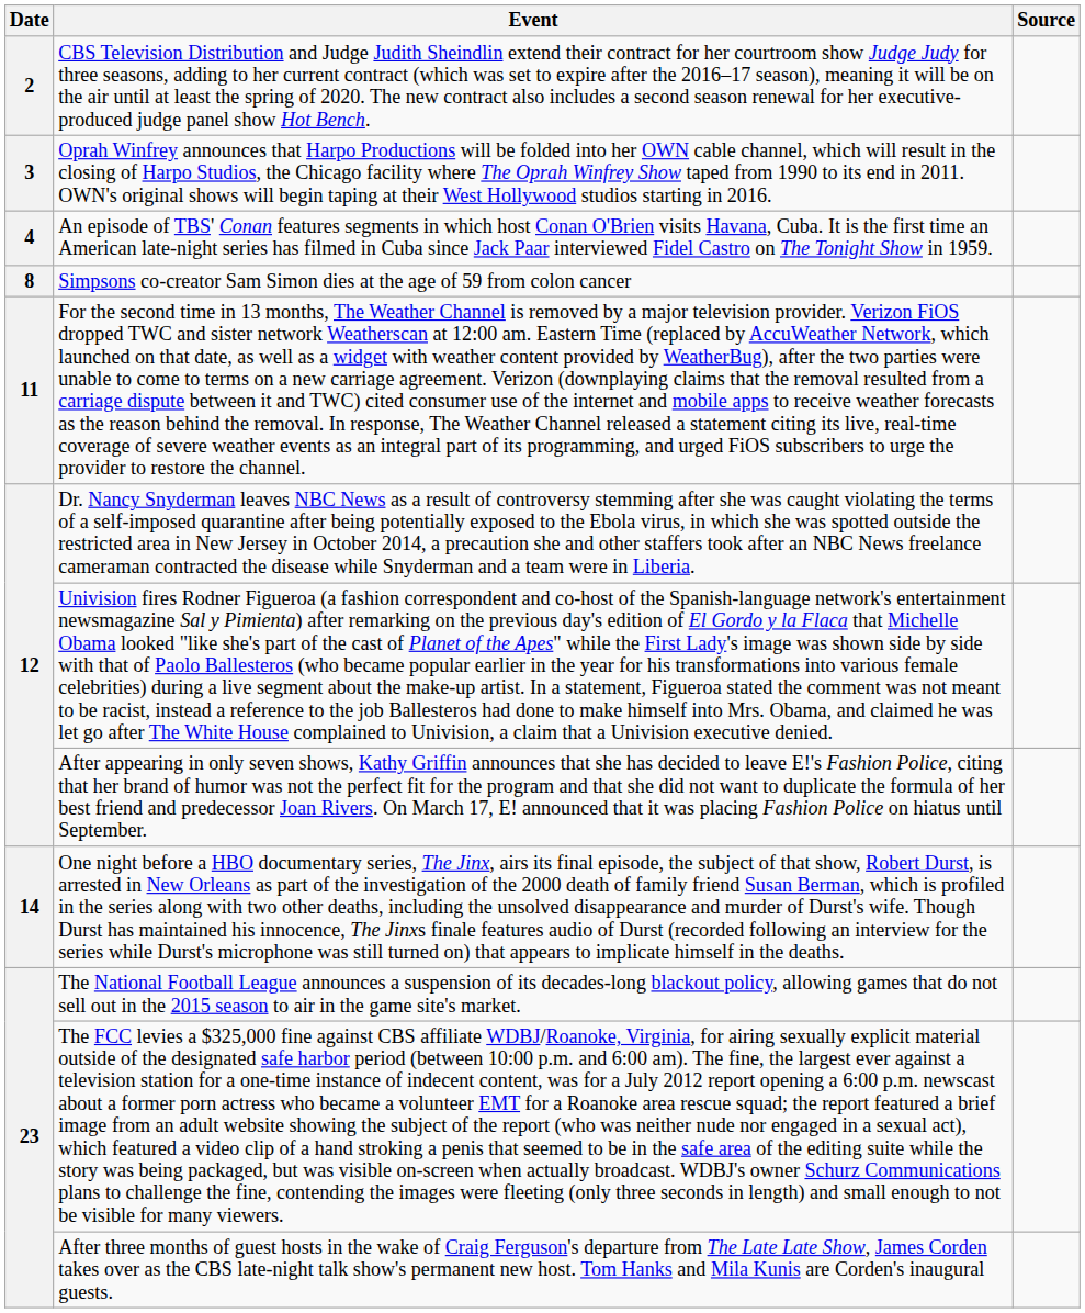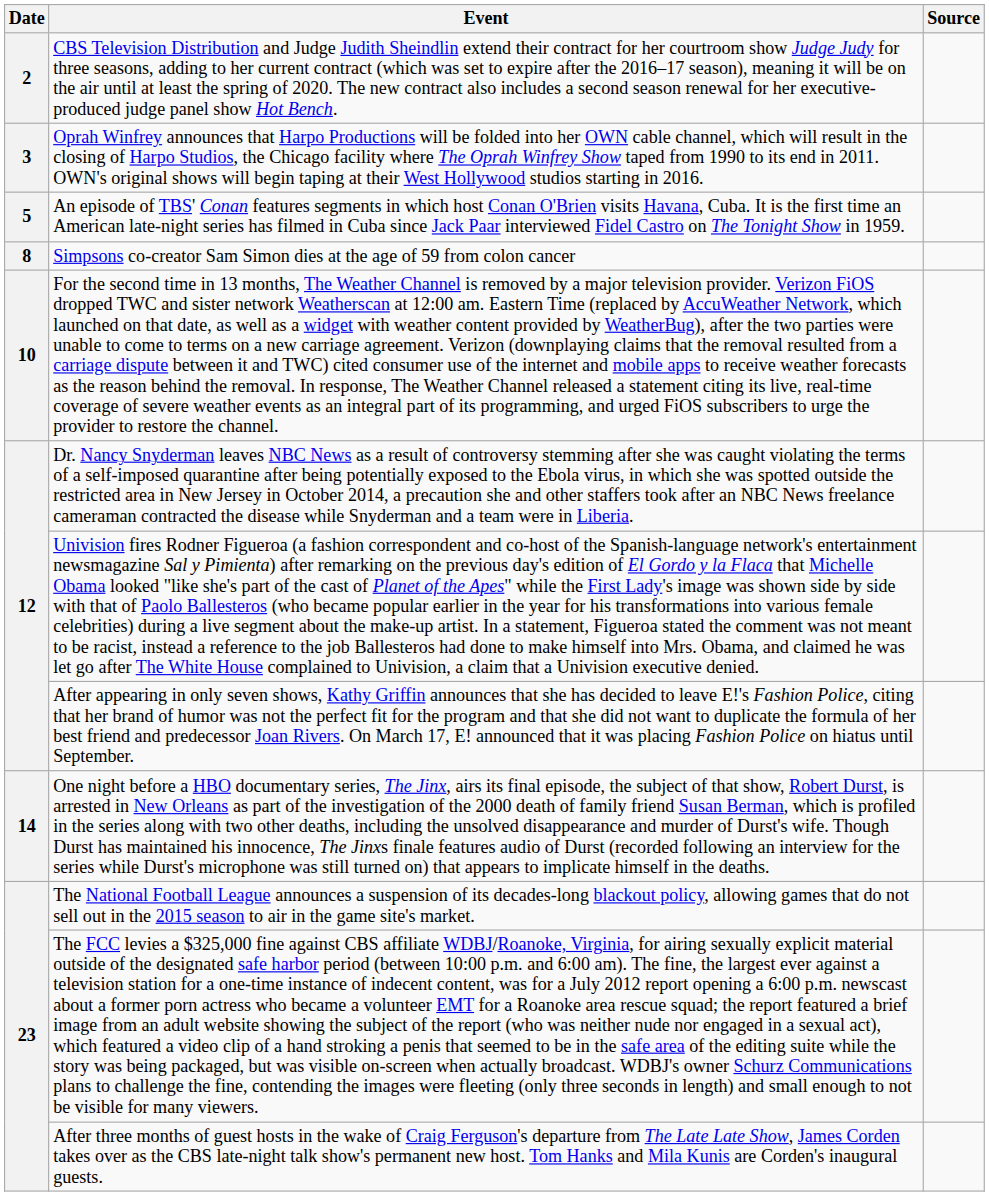 <table class="wikitable">
 <tr>
 <th>Date</th>
 <th>Event</th>
 <th>Source</th>
 </tr>
 <tr>
 <th>2</th>
 <td><a href='#'>CBS Television Distribution</a> and Judge <a href='#'>Judith Sheindlin</a> extend their contract for her courtroom show <em><a href='#'>Judge Judy</a></em> for three seasons, adding to her current contract (which was set to expire after the 2016–17 season), meaning it will be on the air until at least the spring of 2020. The new contract also includes a second season renewal for her executive-produced judge panel show <em><a href='#'>Hot Bench</a></em>.</td>
 <td></td>
 </tr>
 <tr>
 <th>3</th>
 <td><a href='#'>Oprah Winfrey</a> announces that <a href='#'>Harpo Productions</a> will be folded into her <a href='#'>OWN</a> cable channel, which will result in the closing of <a href='#'>Harpo Studios</a>, the Chicago facility where <em><a href='#'>The Oprah Winfrey Show</a></em> taped from 1990 to its end in 2011. OWN's original shows will begin taping at their <a href='#'>West Hollywood</a> studios starting in 2016.</td>
 <td></td>
 </tr>
 <tr |>
-<th>4</th>
+<th>5</th>
 <td>An episode of <a href='#'>TBS</a>' <em><a href='#'>Conan</a></em> features segments in which host <a href='#'>Conan O'Brien</a> visits <a href='#'>Havana</a>, Cuba. It is the first time an American late-night series has filmed in Cuba since <a href='#'>Jack Paar</a> interviewed <a href='#'>Fidel Castro</a> on <em><a href='#'>The Tonight Show</a></em> in 1959.</td>
 <td></td>
 </tr>
 <tr>
 <th>8</th>
 <td><a href='#'>Simpsons</a> co-creator Sam Simon dies at the age of 59 from colon cancer</td>
 <td></td>
 </tr>
 <tr>
-<th>11</th>
+<th>10</th>
 <td>For the second time in 13 months, <a href='#'>The Weather Channel</a> is removed by a major television provider. <a href='#'>Verizon FiOS</a> dropped TWC and sister network <a href='#'>Weatherscan</a> at 12:00 am. Eastern Time (replaced by <a href='#'>AccuWeather Network</a>, which launched on that date, as well as a <a href='#'>widget</a> with weather content provided by <a href='#'>WeatherBug</a>), after the two parties were unable to come to terms on a new carriage agreement. Verizon (downplaying claims that the removal resulted from a <a href='#'>carriage dispute</a> between it and TWC) cited consumer use of the internet and <a href='#'>mobile apps</a> to receive weather forecasts as the reason behind the removal. In response, The Weather Channel released a statement citing its live, real-time coverage of severe weather events as an integral part of its programming, and urged FiOS subscribers to urge the provider to restore the channel.</td>
 <td><br></td>
 </tr>
 <tr>
 <th rowspan=3>12</th>
 <td>Dr. <a href='#'>Nancy Snyderman</a> leaves <a href='#'>NBC News</a> as a result of controversy stemming after she was caught violating the terms of a self-imposed quarantine after being potentially exposed to the Ebola virus, in which she was spotted outside the restricted area in New Jersey in October 2014, a precaution she and other staffers took after an NBC News freelance cameraman contracted the disease while Snyderman and a team were in <a href='#'>Liberia</a>.</td>
 <td></td>
 </tr>
 <tr>
 <td><a href='#'>Univision</a> fires Rodner Figueroa (a fashion correspondent and co-host of the Spanish-language network's entertainment newsmagazine <em>Sal y Pimienta</em>) after remarking on the previous day's edition of <em><a href='#'>El Gordo y la Flaca</a></em> that <a href='#'>Michelle Obama</a> looked "like she's part of the cast of <em><a href='#'>Planet of the Apes</a></em>" while the <a href='#'>First Lady</a>'s image was shown side by side with that of <a href='#'>Paolo Ballesteros</a> (who became popular earlier in the year for his transformations into various female celebrities) during a live segment about the make-up artist. In a statement, Figueroa stated the comment was not meant to be racist, instead a reference to the job Ballesteros had done to make himself into Mrs. Obama, and claimed he was let go after <a href='#'>The White House</a> complained to Univision, a claim that a Univision executive denied.</td>
 <td></td>
 </tr>
 <tr>
 <td>After appearing in only seven shows, <a href='#'>Kathy Griffin</a> announces that she has decided to leave E!'s <em>Fashion Police</em>, citing that her brand of humor was not the perfect fit for the program and that she did not want to duplicate the formula of her best friend and predecessor <a href='#'>Joan Rivers</a>. On March 17, E! announced that it was placing <em>Fashion Police</em> on hiatus until September.</td>
 <td></td>
 </tr>
 <tr>
 <th>14</th>
 <td>One night before a <a href='#'>HBO</a> documentary series, <em><a href='#'>The Jinx</a></em>, airs its final episode, the subject of that show, <a href='#'>Robert Durst</a>, is arrested in <a href='#'>New Orleans</a> as part of the investigation of the 2000 death of family friend <a href='#'>Susan Berman</a>, which is profiled in the series along with two other deaths, including the unsolved disappearance and murder of Durst's wife. Though Durst has maintained his innocence, <em>The Jinx</em>s finale features audio of Durst (recorded following an interview for the series while Durst's microphone was still turned on) that appears to implicate himself in the deaths.</td>
 <td></td>
 </tr>
 <tr>
 <th rowspan=3>23</th>
 <td>The <a href='#'>National Football League</a> announces a suspension of its decades-long <a href='#'>blackout policy</a>, allowing games that do not sell out in the <a href='#'>2015 season</a> to air in the game site's market.</td>
 <td></td>
 </tr>
 <tr>
 <td>The <a href='#'>FCC</a> levies a $325,000 fine against CBS affiliate <a href='#'>WDBJ</a>/<a href='#'>Roanoke, Virginia</a>, for airing sexually explicit material outside of the designated <a href='#'>safe harbor</a> period (between 10:00 p.m. and 6:00 am). The fine, the largest ever against a television station for a one-time instance of indecent content, was for a July 2012 report opening a 6:00 p.m. newscast about a former porn actress who became a volunteer <a href='#'>EMT</a> for a Roanoke area rescue squad; the report featured a brief image from an adult website showing the subject of the report (who was neither nude nor engaged in a sexual act), which featured a video clip of a hand stroking a penis that seemed to be in the <a href='#'>safe area</a> of the editing suite while the story was being packaged, but was visible on-screen when actually broadcast. WDBJ's owner <a href='#'>Schurz Communications</a> plans to challenge the fine, contending the images were fleeting (only three seconds in length) and small enough to not be visible for many viewers.</td>
 <td></td>
 </tr>
 <tr>
 <td>After three months of guest hosts in the wake of <a href='#'>Craig Ferguson</a>'s departure from <em><a href='#'>The Late Late Show</a></em>, <a href='#'>James Corden</a> takes over as the CBS late-night talk show's permanent new host. <a href='#'>Tom Hanks</a> and <a href='#'>Mila Kunis</a> are Corden's inaugural guests.</td>
 <td></td>
 </tr>
 </table>
